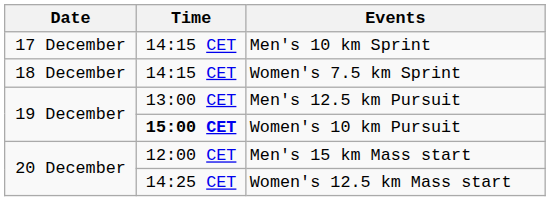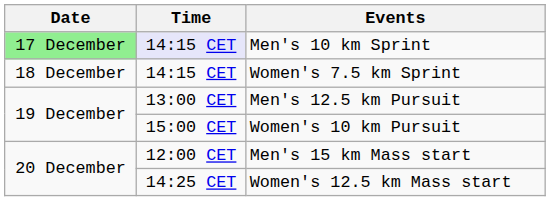 <table class="wikitable" style="text-align: center" width="420">
 <tr>
 <th>Date</th>
 <th>Time</th>
 <th>Events</th>
 </tr>
 <tr>
-<td rowspan=1>17 December</td>
-<td>14:15 <a href='#'>CET</a></td>
+<td rowspan=1 style="background: lightgreen;">17 December</td>
+<td style="background: lavender;">14:15 <a href='#'>CET</a></td>
 <td style="text-align: left">Men's 10 km Sprint</td>
 </tr>
 <tr>
 <td rowspan=1>18 December</td>
 <td>14:15 <a href='#'>CET</a></td>
 <td style="text-align: left">Women's 7.5 km Sprint</td>
 </tr>
 <tr>
 <td rowspan=2>19 December</td>
 <td>13:00 <a href='#'>CET</a></td>
 <td style="text-align: left">Men's 12.5 km Pursuit</td>
 </tr>
 <tr>
-<td><strong>15:00 <a href='#'>CET</a></strong></td>
+<td>15:00 <a href='#'>CET</a></td>
 <td style="text-align: left">Women's 10 km Pursuit</td>
 </tr>
 <tr>
 <td rowspan=2>20 December</td>
 <td>12:00 <a href='#'>CET</a></td>
 <td style="text-align: left">Men's 15 km Mass start</td>
 </tr>
 <tr>
 <td>14:25 <a href='#'>CET</a></td>
 <td style="text-align: left">Women's 12.5 km Mass start</td>
 </tr>
 </table>
